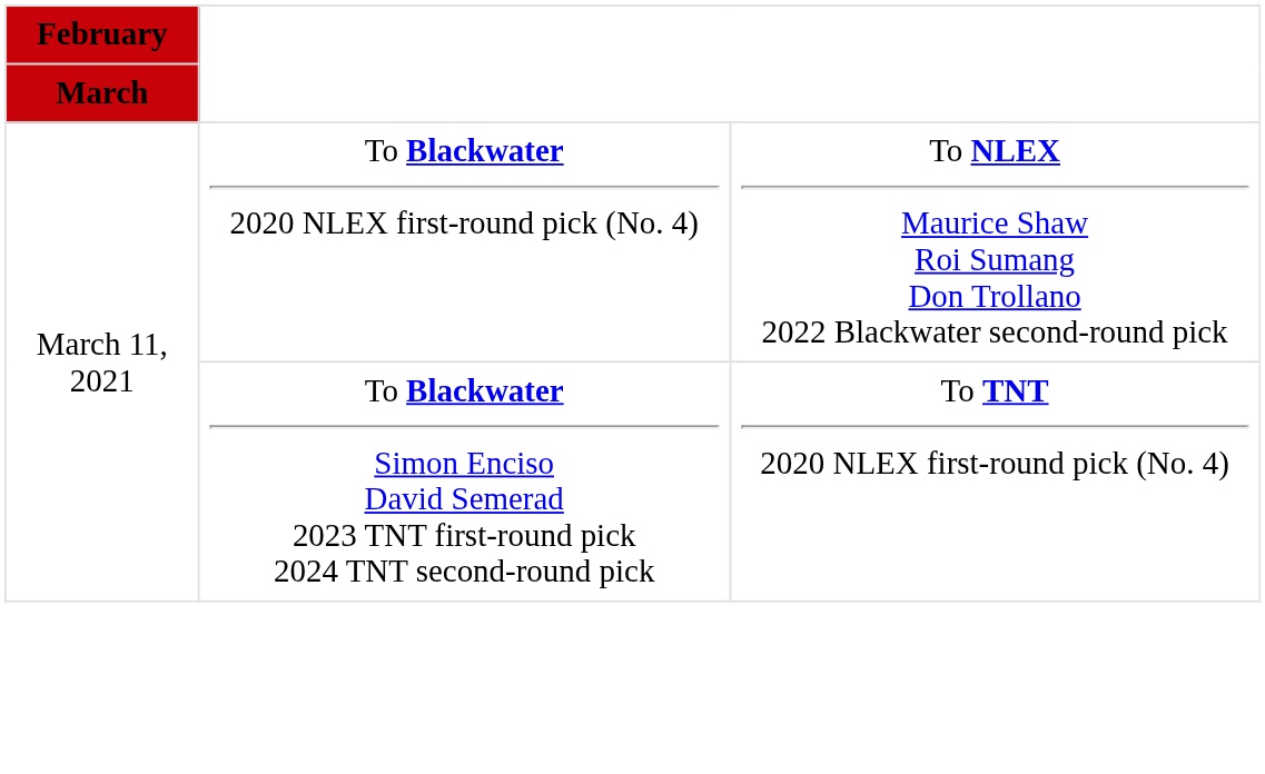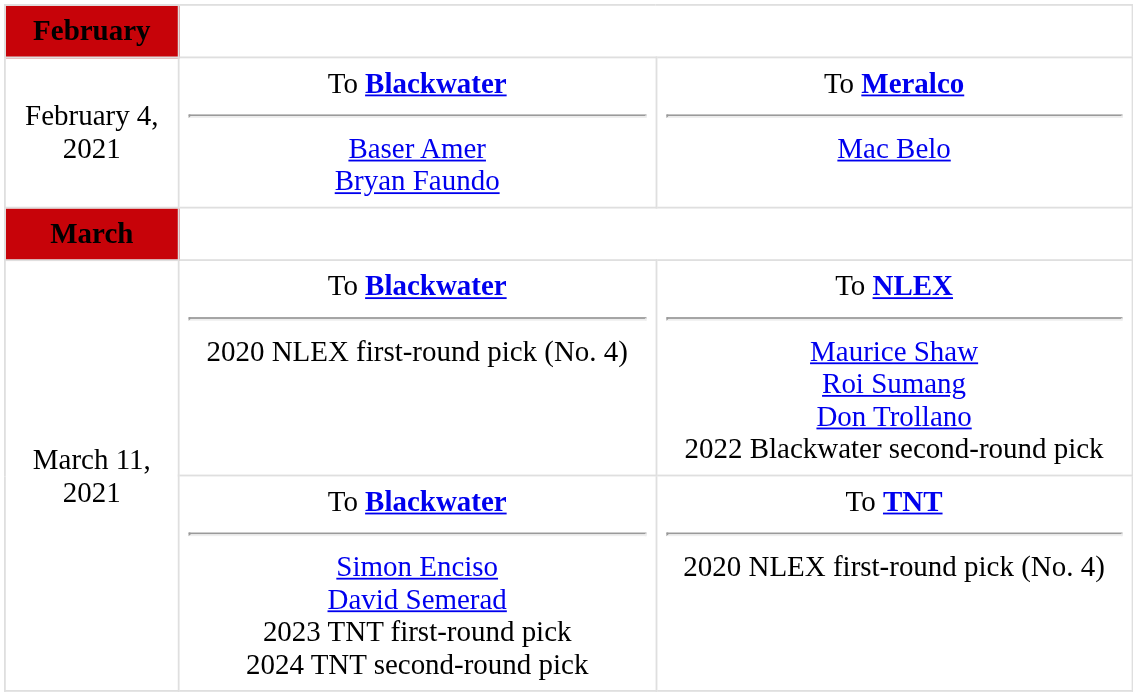 <table border=1 style="border-collapse:collapse; text-align: center; width: 100%" bordercolor="#DFDFDF"  cellpadding="5">
 <tr bgcolor="eeeeee">
 <th style="background:#C70309; color:#000000; ">February</th>
+</tr>
+<tr>
+<td style="width:12%">February 4, 2021</td>
+<td style="width:29.3%" valign="top">To <strong><a href='#'>Blackwater</a></strong><hr><a href='#'>Baser Amer</a><br><a href='#'>Bryan Faundo</a></td>
+<td style="width:29.3%" valign="top">To <strong><a href='#'>Meralco</a></strong><hr><a href='#'>Mac Belo</a></td>
 </tr>
 <tr>
 <th style="background:#C70309; color:#000000; ">March</th>
 </tr>
 <tr>
 <td style="width:12%" rowspan=2>March 11, 2021</td>
 <td style="width:33.3%" valign="top">To <strong><a href='#'>Blackwater</a></strong><hr>2020 NLEX first-round pick (No. 4)</td>
 <td style="width:33.3%" valign="top">To <strong><a href='#'>NLEX</a></strong><hr><a href='#'>Maurice Shaw</a><br><a href='#'>Roi Sumang</a><br><a href='#'>Don Trollano</a><br>2022 Blackwater second-round pick</td>
 </tr>
 <tr>
 <td style="width:33.3%" valign="top">To <strong><a href='#'>Blackwater</a></strong><hr><a href='#'>Simon Enciso</a><br><a href='#'>David Semerad</a><br>2023 TNT first-round pick<br>2024 TNT second-round pick</td>
 <td style="width:33.3%" valign="top">To <strong><a href='#'>TNT</a></strong><hr>2020 NLEX first-round pick (No. 4)</td>
 </tr>
 </table>
